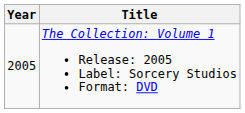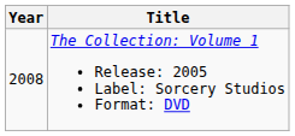 <table class="wikitable">
 <tr>
 <th><strong>Year</strong></th>
 <th><strong>Title</strong></th>
 </tr>
 <tr>
-<td>2005</td>
+<td>2008</td>
 <td><em><a href='#'>The Collection: Volume 1</a></em><br><ul><li>Release: 2005</li><li>Label: Sorcery Studios</li><li>Format: <a href='#'>DVD</a></li></ul></td>
 </tr>
 </table>
